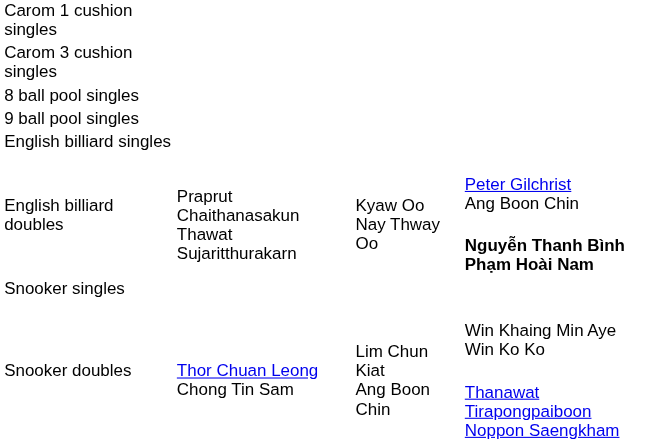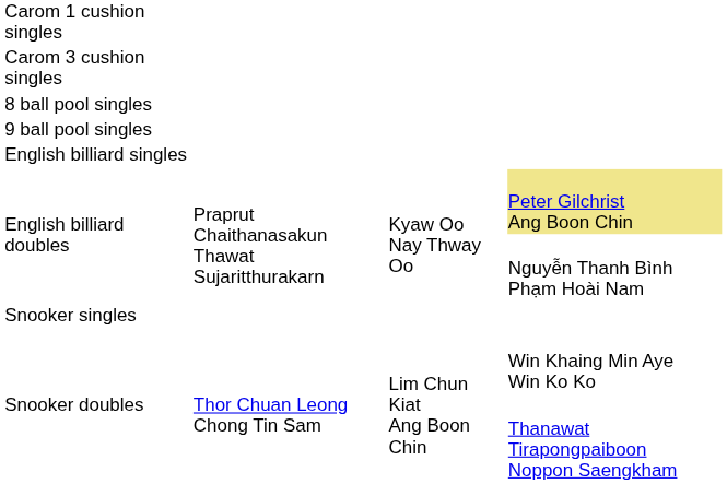 <table>
 <tr>
 <td rowspan=2>Carom 1 cushion singles</td>
 <td rowspan=2></td>
 <td rowspan=2></td>
 <td></td>
 </tr>
 <tr>
 <td></td>
 </tr>
 <tr>
 <td rowspan=2>Carom 3 cushion singles</td>
 <td rowspan=2></td>
 <td rowspan=2></td>
 <td></td>
 </tr>
 <tr>
 <td></td>
 </tr>
 <tr>
 <td rowspan=2>8 ball pool singles</td>
 <td rowspan=2></td>
 <td rowspan=2></td>
 <td></td>
 </tr>
 <tr>
 <td></td>
 </tr>
 <tr>
 <td rowspan=2>9 ball pool singles</td>
 <td rowspan=2></td>
 <td rowspan=2></td>
 <td></td>
 </tr>
 <tr>
 <td></td>
 </tr>
 <tr>
 <td rowspan=2>English billiard singles</td>
 <td rowspan=2></td>
 <td rowspan=2></td>
 <td></td>
 </tr>
 <tr>
 <td></td>
 </tr>
 <tr>
 <td rowspan=2>English billiard doubles</td>
 <td rowspan=2><br>Praprut Chaithanasakun<br>Thawat Sujaritthurakarn</td>
 <td rowspan=2><br>Kyaw Oo<br>Nay Thway Oo</td>
-<td><br><a href='#'>Peter Gilchrist</a><br>Ang Boon Chin</td>
+<td style="background: khaki;"><br><a href='#'>Peter Gilchrist</a><br>Ang Boon Chin</td>
 </tr>
 <tr>
-<td><strong><br>Nguyễn Thanh Bình<br>Phạm Hoài Nam</strong></td>
+<td><br>Nguyễn Thanh Bình<br>Phạm Hoài Nam</td>
 </tr>
 <tr>
 <td rowspan=2>Snooker singles</td>
 <td rowspan=2></td>
 <td rowspan=2></td>
 <td></td>
 </tr>
 <tr>
 <td></td>
 </tr>
 <tr>
 <td rowspan=2>Snooker doubles</td>
 <td rowspan=2><br><a href='#'>Thor Chuan Leong</a><br>Chong Tin Sam</td>
 <td rowspan=2><br>Lim Chun Kiat<br>Ang Boon Chin</td>
 <td><br>Win Khaing Min Aye<br>Win Ko Ko</td>
 </tr>
 <tr>
 <td><br><a href='#'>Thanawat Tirapongpaiboon</a><br><a href='#'>Noppon Saengkham</a></td>
 </tr>
 </table>
